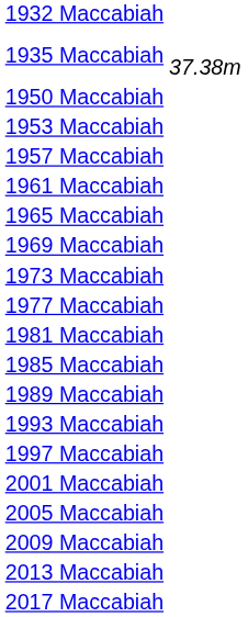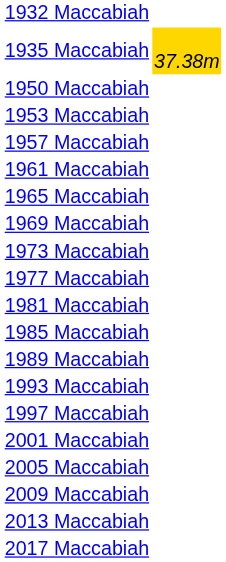 <table>
 <tr valign="top">
 <td><a href='#'>1932 Maccabiah</a></td>
 <td></td>
 <td></td>
 <td></td>
 </tr>
 <tr>
 <td><a href='#'>1935 Maccabiah</a></td>
-<td><br><em>37.38m</em></td>
+<td style="background: gold;"><br><em>37.38m</em></td>
 <td></td>
 <td></td>
 </tr>
 <tr>
 <td><a href='#'>1950 Maccabiah</a></td>
 <td></td>
 <td></td>
 <td></td>
 </tr>
 <tr>
 <td><a href='#'>1953 Maccabiah</a></td>
 <td></td>
 <td></td>
 <td></td>
 </tr>
 <tr>
 <td><a href='#'>1957 Maccabiah</a></td>
 <td></td>
 <td></td>
 <td></td>
 </tr>
 <tr>
 <td><a href='#'>1961 Maccabiah</a></td>
 <td></td>
 <td></td>
 <td></td>
 </tr>
 <tr>
 <td><a href='#'>1965 Maccabiah</a></td>
 <td></td>
 <td></td>
 <td></td>
 </tr>
 <tr>
 <td><a href='#'>1969 Maccabiah</a></td>
 <td></td>
 <td></td>
 <td></td>
 </tr>
 <tr>
 <td><a href='#'>1973 Maccabiah</a></td>
 <td></td>
 <td></td>
 <td></td>
 </tr>
 <tr>
 <td><a href='#'>1977 Maccabiah</a></td>
 <td></td>
 <td></td>
 <td></td>
 </tr>
 <tr>
 <td><a href='#'>1981 Maccabiah</a></td>
 <td></td>
 <td></td>
 <td></td>
 </tr>
 <tr>
 <td><a href='#'>1985 Maccabiah</a></td>
 <td></td>
 <td></td>
 <td></td>
 </tr>
 <tr>
 <td><a href='#'>1989 Maccabiah</a></td>
 <td></td>
 <td></td>
 <td></td>
 </tr>
 <tr>
 <td><a href='#'>1993 Maccabiah</a></td>
 <td></td>
 <td></td>
 <td></td>
 </tr>
 <tr>
 <td><a href='#'>1997 Maccabiah</a></td>
 <td></td>
 <td></td>
 <td></td>
 </tr>
 <tr>
 <td><a href='#'>2001 Maccabiah</a></td>
 <td></td>
 <td></td>
 <td></td>
 </tr>
 <tr>
 <td><a href='#'>2005 Maccabiah</a></td>
 <td></td>
 <td></td>
 <td></td>
 </tr>
 <tr>
 <td><a href='#'>2009 Maccabiah</a></td>
 <td></td>
 <td></td>
 <td></td>
 </tr>
 <tr>
 <td><a href='#'>2013 Maccabiah</a></td>
 <td></td>
 <td></td>
 <td></td>
 </tr>
 <tr>
 <td><a href='#'>2017 Maccabiah</a></td>
 <td></td>
 <td></td>
 <td></td>
 </tr>
 </table>
